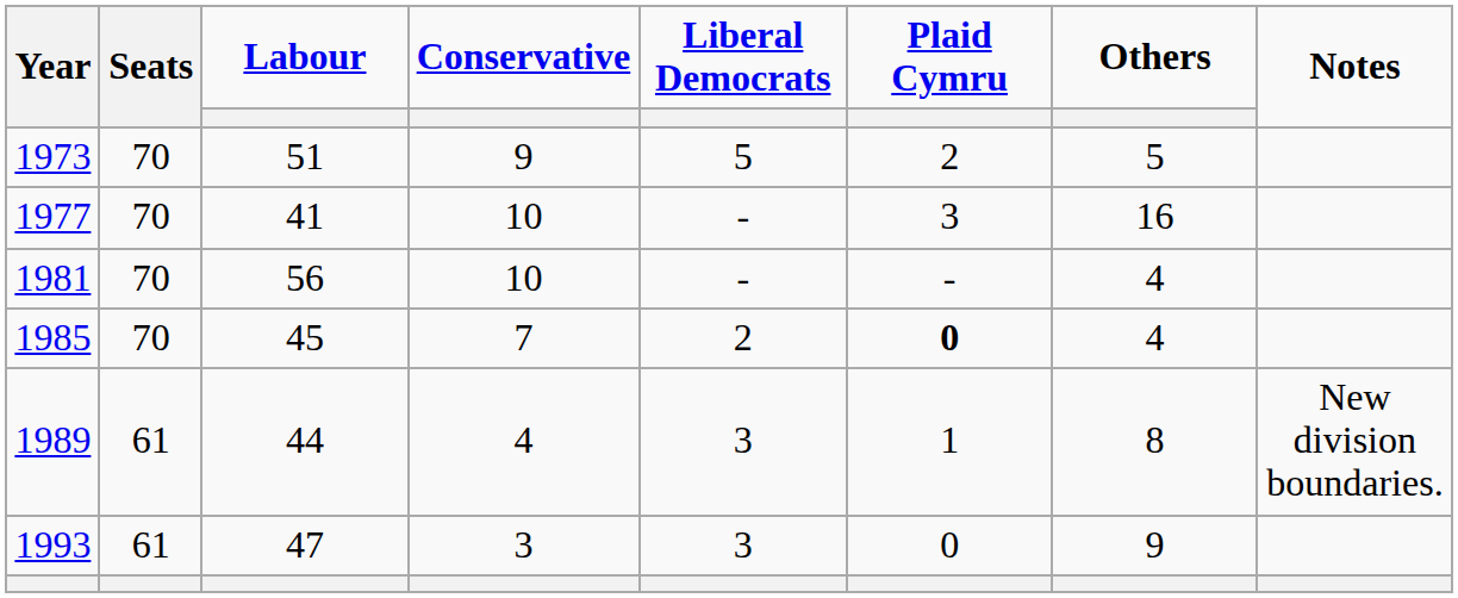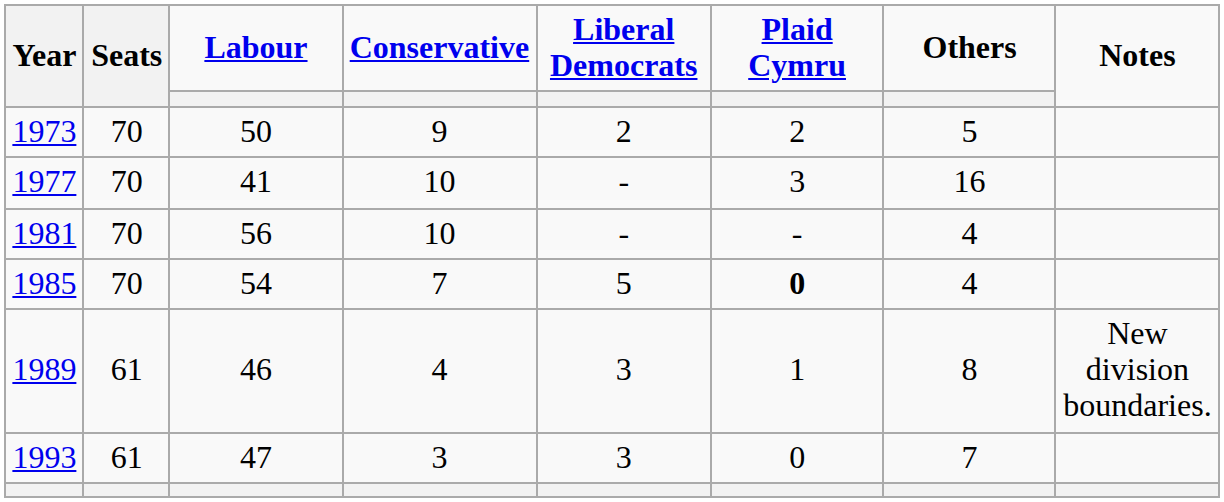 <table class="wikitable" style=text-align:center>
 <tr>
 <th rowspan=2><strong>Year</strong></th>
 <th rowspan=2><strong>Seats</strong></th>
 <td width="80"><a href='#'><strong>Labour</strong></a></td>
 <td width="80"><a href='#'><strong>Conservative</strong></a></td>
 <td width="80"><a href='#'><strong>Liberal Democrats</strong></a></td>
 <td width="80"><strong><a href='#'>Plaid Cymru</a></strong></td>
 <td width="80"><strong>Others</strong></td>
 <td rowspan=2><strong>Notes</strong></td>
 </tr>
 <tr>
 <th style="background-color: "></th>
 <th style="background-color: "></th>
 <th style="background-color: "></th>
 <th style="background-color: "></th>
 <th style="background-color: "></th>
 </tr>
 <tr>
 <td><a href='#'>1973</a></td>
 <td>70</td>
-<td>51</td>
+<td>50</td>
 <td>9</td>
-<td>5</td>
+<td>2</td>
 <td>2</td>
 <td>5</td>
 <td></td>
 </tr>
 <tr>
 <td><a href='#'>1977</a></td>
 <td>70</td>
 <td>41</td>
 <td>10</td>
 <td>-</td>
 <td>3</td>
 <td>16</td>
 <td></td>
 </tr>
 <tr>
 <td><a href='#'>1981</a></td>
 <td>70</td>
 <td>56</td>
 <td>10</td>
 <td>-</td>
 <td>-</td>
 <td>4</td>
 <td></td>
 </tr>
 <tr>
 <td><a href='#'>1985</a></td>
 <td>70</td>
-<td>45</td>
+<td>54</td>
 <td>7</td>
-<td>2</td>
+<td>5</td>
 <td><strong>0</strong></td>
 <td>4</td>
 <td></td>
 </tr>
 <tr>
 <td><a href='#'>1989</a></td>
 <td>61</td>
-<td>44</td>
+<td>46</td>
 <td>4</td>
 <td>3</td>
 <td>1</td>
 <td>8</td>
 <td>New division boundaries.</td>
 </tr>
 <tr>
 <td><a href='#'>1993</a></td>
 <td>61</td>
 <td>47</td>
 <td>3</td>
 <td>3</td>
 <td>0</td>
-<td>9</td>
+<td>7</td>
 <td></td>
 </tr>
 <tr>
 <th></th>
 <th></th>
 <th style="background-color: "></th>
 <th style="background-color: "></th>
 <th style="background-color: "></th>
 <th style="background-color: "></th>
 <th style="background-color: "></th>
 <th></th>
 </tr>
 </table>
